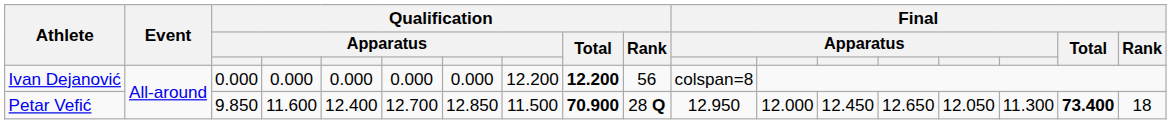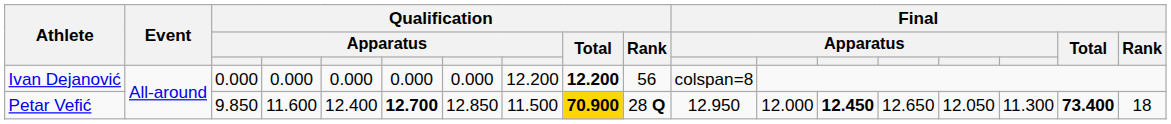 <table class="wikitable" style="font-size:90%">
 <tr>
 <th rowspan=3>Athlete</th>
 <th rowspan=3>Event</th>
 <th colspan =8>Qualification</th>
 <th colspan =8>Final</th>
 </tr>
 <tr style="font-size:95%">
 <th colspan=6>Apparatus</th>
 <th rowspan=2>Total</th>
 <th rowspan=2>Rank</th>
 <th colspan=6>Apparatus</th>
 <th rowspan=2>Total</th>
 <th rowspan=2>Rank</th>
 </tr>
 <tr style="font-size:95%">
 <th></th>
 <th></th>
 <th></th>
 <th></th>
 <th></th>
 <th></th>
 <th></th>
 <th></th>
 <th></th>
 <th></th>
 <th></th>
 <th></th>
 </tr>
 <tr align=center>
 <td align=left><a href='#'>Ivan Dejanović</a></td>
 <td align=left rowspan=2><a href='#'>All-around</a></td>
 <td>0.000</td>
 <td>0.000</td>
 <td>0.000</td>
 <td>0.000</td>
 <td>0.000</td>
 <td>12.200</td>
 <td><strong>12.200</strong></td>
 <td>56</td>
 <td>colspan=8 </td>
 </tr>
 <tr align=center>
 <td align=left><a href='#'>Petar Vefić</a></td>
 <td>9.850</td>
 <td>11.600</td>
 <td>12.400</td>
-<td>12.700</td>
+<td><strong>12.700</strong></td>
 <td>12.850</td>
 <td>11.500</td>
-<td><strong>70.900</strong></td>
+<td style="background: gold;"><strong>70.900</strong></td>
 <td>28 <strong>Q</strong></td>
 <td>12.950</td>
 <td>12.000</td>
-<td>12.450</td>
+<td><strong>12.450</strong></td>
 <td>12.650</td>
 <td>12.050</td>
 <td>11.300</td>
 <td><strong>73.400</strong></td>
 <td>18</td>
 </tr>
 </table>
